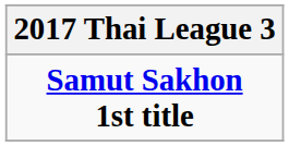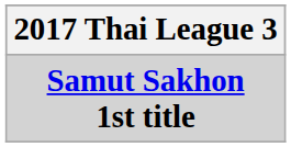 <table class=wikitable style="text-align:center; margin:auto">
 <tr>
 <th>2017 Thai League 3</th>
 </tr>
 <tr>
-<td><strong><a href='#'>Samut Sakhon</a></strong><br><strong>1st title</strong></td>
+<td style="background: lightgrey;"><strong><a href='#'>Samut Sakhon</a></strong><br><strong>1st title</strong></td>
 </tr>
 </table>
